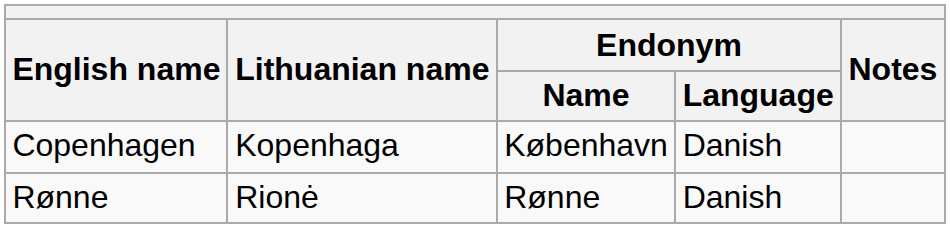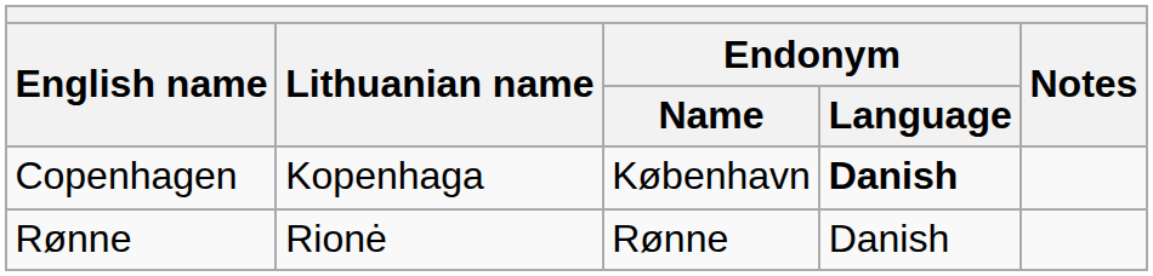 <table class="wikitable sortable">
 <tr>
 <th colspan="5"></th>
 </tr>
 <tr>
 <th rowspan="2">English name</th>
 <th rowspan="2">Lithuanian name</th>
 <th colspan="2">Endonym</th>
 <th rowspan="2">Notes</th>
 </tr>
 <tr>
 <th>Name</th>
 <th>Language</th>
 </tr>
 <tr>
 <td>Copenhagen</td>
 <td>Kopenhaga</td>
 <td>København</td>
-<td>Danish</td>
+<td><strong>Danish</strong></td>
 <td></td>
 </tr>
 <tr>
 <td>Rønne</td>
 <td>Rionė</td>
 <td>Rønne</td>
 <td>Danish</td>
 <td></td>
 </tr>
 </table>
